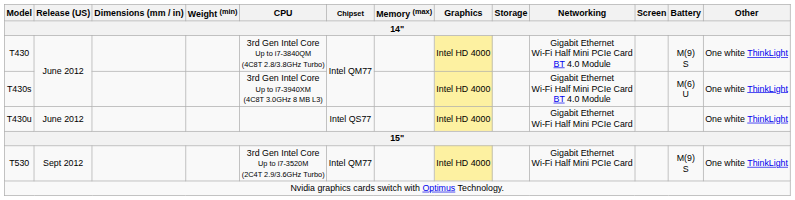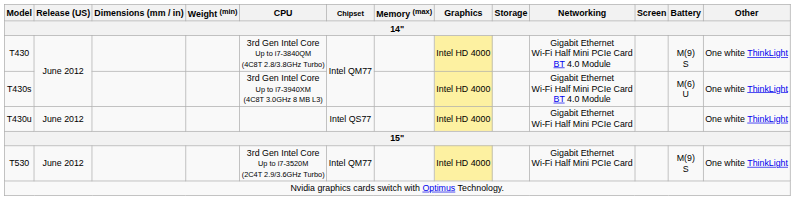 <table class="wikitable" style="font-size: 80%; text-align: center; min-width: 80%;">
 <tr>
 <th>Model</th>
 <th>Release (US)</th>
 <th>Dimensions (mm / in)</th>
 <th>Weight <sup>(min)</sup></th>
 <th>CPU</th>
 <th><small>Chipset</small></th>
 <th>Memory <sup>(max)</sup></th>
 <th>Graphics</th>
 <th>Storage</th>
 <th>Networking</th>
 <th>Screen</th>
 <th>Battery</th>
 <th>Other</th>
 </tr>
 <tr>
 <th colspan="13">14"</th>
 </tr>
 <tr>
 <td>T430</td>
 <td rowspan="2">June 2012</td>
 <td></td>
 <td></td>
 <td style="background:">3rd Gen Intel Core<br><small>Up to i7-3840QM <br>(4C8T 2.8/3.8GHz Turbo)</small></td>
 <td rowspan="2">Intel QM77</td>
 <td></td>
 <td style="background:#fdf1a1;">Intel HD 4000 <br></td>
 <td></td>
 <td>Gigabit Ethernet<br>Wi-Fi Half Mini PCIe Card<br><a href='#'>BT</a> 4.0 Module<br><small></small></td>
 <td></td>
 <td style="background:"><br>M(9)<br>S</td>
 <td>One white <a href='#'>ThinkLight</a></td>
 </tr>
 <tr>
 <td>T430s</td>
 <td></td>
 <td></td>
 <td style="background:">3rd Gen Intel Core<br><small>Up to i7-3940XM <br>(4C8T 3.0GHz 8 MB L3)</small></td>
 <td></td>
 <td style="background:#fdf1a1;">Intel HD 4000 <br></td>
 <td></td>
 <td>Gigabit Ethernet<br>Wi-Fi Half Mini PCIe Card<br><a href='#'>BT</a> 4.0 Module<br><small></small></td>
 <td></td>
 <td style="background:">M(6)<br>U</td>
 <td>One white <a href='#'>ThinkLight</a></td>
 </tr>
 <tr>
 <td>T430u</td>
 <td>June 2012</td>
 <td></td>
 <td></td>
 <td></td>
 <td>Intel QS77</td>
 <td></td>
 <td style="background:#fdf1a1;">Intel HD 4000<br></td>
 <td></td>
 <td>Gigabit Ethernet<br>Wi-Fi  Half Mini PCIe Card<br><small></small></td>
 <td></td>
 <td></td>
 <td>One white <a href='#'>ThinkLight</a></td>
 </tr>
 <tr>
 <th colspan="13">15"</th>
 </tr>
 <tr>
 <td>T530</td>
-<td>Sept 2012</td>
+<td>June 2012</td>
 <td></td>
 <td></td>
 <td style="background:">3rd Gen Intel Core<br><small>Up to i7-3520M <br>(2C4T 2.9/3.6GHz Turbo)</small></td>
 <td>Intel QM77</td>
 <td></td>
 <td style="background:#fdf1a1;">Intel HD 4000 <br></td>
 <td></td>
 <td>Gigabit Ethernet<br>Wi-Fi Half Mini PCIe Card<br><br><small></small></td>
 <td></td>
 <td style="background:">M(9)<br>S</td>
 <td>One white <a href='#'>ThinkLight</a></td>
 </tr>
 <tr>
 <td colspan="13">Nvidia graphics cards switch with <a href='#'>Optimus</a> Technology.</td>
 </tr>
 </table>
